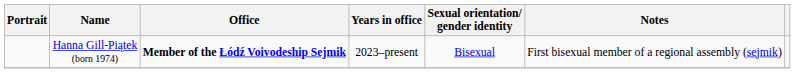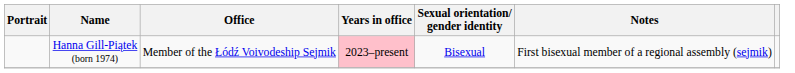 <table class="wikitable sortable" style="text-align:center">
 <tr>
 <th class=unsortable>Portrait</th>
 <th>Name</th>
 <th>Office</th>
 <th>Years in office</th>
 <th>Sexual orientation/<br>gender identity</th>
 <th class=unsortable>Notes</th>
 <th scope="col" class="unsortable"></th>
 </tr>
 <tr>
 <td></td>
 <td><a href='#'>Hanna Gill-Piątek</a><br><small>(born 1974)</small></td>
-<td><strong>Member of the <a href='#'>Łódź Voivodeship Sejmik</a></strong></td>
-<td>2023–present</td>
+<td>Member of the <a href='#'>Łódź Voivodeship Sejmik</a></td>
+<td style="background: pink;">2023–present</td>
 <td><a href='#'>Bisexual</a></td>
 <td>First bisexual member of a regional assembly (<a href='#'>sejmik</a>)</td>
 <td></td>
 </tr>
 <tr>
 </tr>
 </table>
